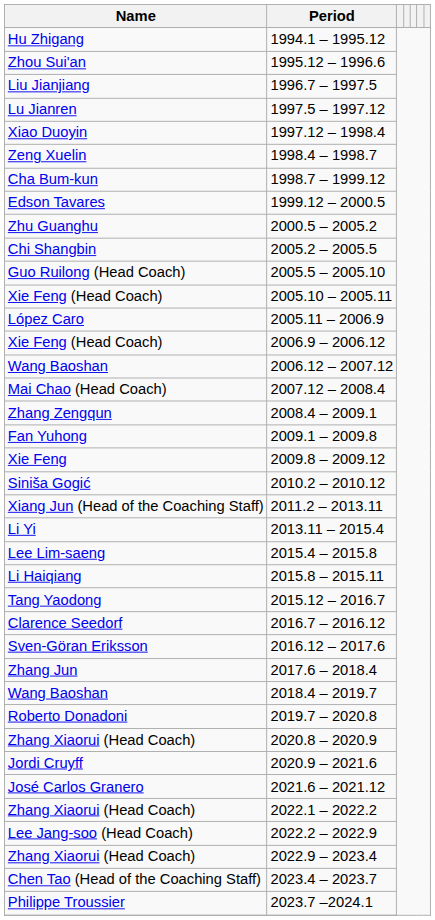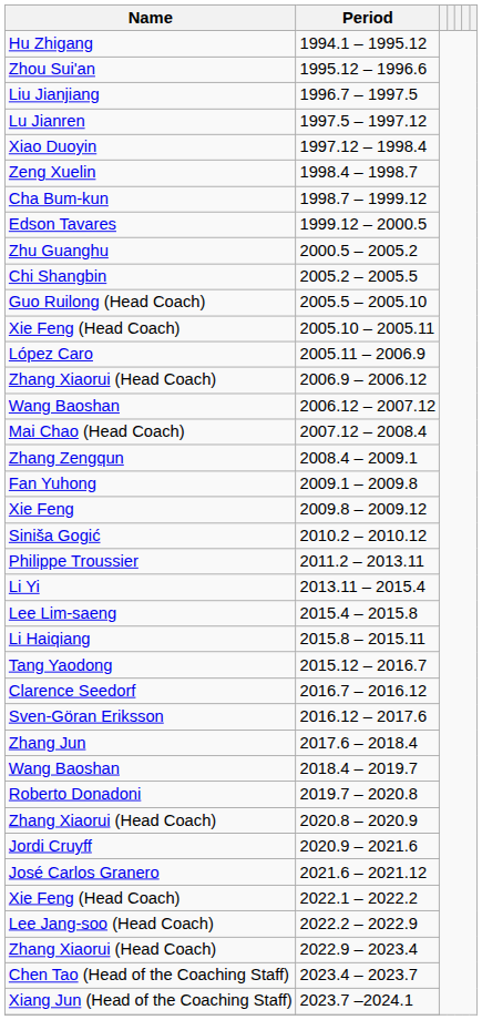 <table class="wikitable">
 <tr>
 <th>Name</th>
 <th>Period</th>
 <th></th>
 <th></th>
 <th></th>
 <th></th>
 <th></th>
 </tr>
 <tr>
 <td style="text-align: left;"> <a href='#'>Hu Zhigang</a></td>
 <td>1994.1 – 1995.12<br></td>
 </tr>
 <tr>
 <td style="text-align: left;"> <a href='#'>Zhou Sui'an</a></td>
 <td>1995.12 – 1996.6<br></td>
 </tr>
 <tr>
 <td style="text-align: left;"> <a href='#'>Liu Jianjiang</a></td>
 <td>1996.7 – 1997.5<br></td>
 </tr>
 <tr>
 <td style="text-align: left;"> <a href='#'>Lu Jianren</a></td>
 <td>1997.5 – 1997.12<br></td>
 </tr>
 <tr>
 <td style="text-align: left;"> <a href='#'>Xiao Duoyin</a></td>
 <td>1997.12 – 1998.4<br></td>
 </tr>
 <tr>
 <td style="text-align: left;"> <a href='#'>Zeng Xuelin</a></td>
 <td>1998.4 – 1998.7<br></td>
 </tr>
 <tr>
 <td style="text-align: left;"> <a href='#'>Cha Bum-kun</a></td>
 <td>1998.7 – 1999.12<br></td>
 </tr>
 <tr>
 <td style="text-align: left;"> <a href='#'>Edson Tavares</a></td>
 <td>1999.12 – 2000.5<br></td>
 </tr>
 <tr>
 <td style="text-align: left;"> <a href='#'>Zhu Guanghu</a></td>
 <td>2000.5 – 2005.2<br></td>
 </tr>
 <tr>
 <td style="text-align: left;"> <a href='#'>Chi Shangbin</a></td>
 <td>2005.2 – 2005.5<br></td>
 </tr>
 <tr>
 <td style="text-align: left;"> <a href='#'>Guo Ruilong</a> (Head Coach)</td>
 <td>2005.5 – 2005.10<br></td>
 </tr>
 <tr>
 <td style="text-align: left;"> <a href='#'>Xie Feng</a> (Head Coach)</td>
 <td>2005.10 – 2005.11<br></td>
 </tr>
 <tr>
 <td style="text-align: left;"> <a href='#'>López Caro</a></td>
 <td>2005.11 – 2006.9<br></td>
 </tr>
 <tr>
-<td style="text-align: left;"> <a href='#'>Xie Feng</a> (Head Coach)</td>
+<td style="text-align: left;"> <a href='#'>Zhang Xiaorui</a> (Head Coach)</td>
 <td>2006.9 – 2006.12<br></td>
 </tr>
 <tr>
 <td style="text-align: left;"> <a href='#'>Wang Baoshan</a></td>
 <td>2006.12 – 2007.12<br></td>
 </tr>
 <tr>
 <td style="text-align: left;"> <a href='#'>Mai Chao</a> (Head Coach)</td>
 <td>2007.12 – 2008.4<br></td>
 </tr>
 <tr>
 <td style="text-align: left;"> <a href='#'>Zhang Zengqun</a></td>
 <td>2008.4 – 2009.1<br></td>
 </tr>
 <tr>
 <td style="text-align: left;"> <a href='#'>Fan Yuhong</a></td>
 <td>2009.1 – 2009.8<br></td>
 </tr>
 <tr>
 <td style="text-align: left;"> <a href='#'>Xie Feng</a></td>
 <td>2009.8 – 2009.12<br></td>
 </tr>
 <tr>
 <td style="text-align: left;"> <a href='#'>Siniša Gogić</a></td>
 <td>2010.2 – 2010.12<br></td>
 </tr>
 <tr>
-<td style="text=align: left;"> <a href='#'>Xiang Jun</a> (Head of the Coaching Staff)</td>
+<td style="text-align: left;"> <a href='#'>Philippe Troussier</a></td>
 <td>2011.2 – 2013.11<br></td>
 </tr>
 <tr>
 <td style="text-align: left;"> <a href='#'>Li Yi</a></td>
 <td>2013.11 – 2015.4<br></td>
 </tr>
 <tr>
 <td style="text-align: left;"> <a href='#'>Lee Lim-saeng</a></td>
 <td>2015.4 – 2015.8<br></td>
 </tr>
 <tr>
 <td style="text-align: left;"> <a href='#'>Li Haiqiang</a></td>
 <td>2015.8 – 2015.11<br></td>
 </tr>
 <tr>
 <td style="text-align: left;"> <a href='#'>Tang Yaodong</a></td>
 <td>2015.12 – 2016.7<br></td>
 </tr>
 <tr>
 <td style="text-align: left;"> <a href='#'>Clarence Seedorf</a></td>
 <td>2016.7 – 2016.12<br></td>
 </tr>
 <tr>
 <td style="text-align: left;"> <a href='#'>Sven-Göran Eriksson</a></td>
 <td>2016.12 – 2017.6<br></td>
 </tr>
 <tr>
 <td style="text-align: left;"> <a href='#'>Zhang Jun</a></td>
 <td>2017.6 – 2018.4<br></td>
 </tr>
 <tr>
 <td style="text-align: left;"> <a href='#'>Wang Baoshan</a></td>
 <td>2018.4 – 2019.7<br></td>
 </tr>
 <tr>
 <td style="text-align: left;"> <a href='#'>Roberto Donadoni</a></td>
 <td>2019.7 – 2020.8<br></td>
 </tr>
 <tr>
 <td style="text-align: left;"> <a href='#'>Zhang Xiaorui</a> (Head Coach)</td>
 <td>2020.8 – 2020.9<br></td>
 </tr>
 <tr>
 <td style="text-align: left;"> <a href='#'>Jordi Cruyff</a></td>
 <td>2020.9 – 2021.6<br></td>
 </tr>
 <tr>
 <td style="text-align: left;"> <a href='#'>José Carlos Granero</a></td>
 <td>2021.6 – 2021.12<br></td>
 </tr>
 <tr>
-<td style="text-align: left;"> <a href='#'>Zhang Xiaorui</a> (Head Coach)</td>
+<td style="text-align: left;"> <a href='#'>Xie Feng</a> (Head Coach)</td>
 <td>2022.1 – 2022.2<br></td>
 </tr>
 <tr>
 <td style="text-align: left;"> <a href='#'>Lee Jang-soo</a> (Head Coach)</td>
 <td>2022.2 – 2022.9<br></td>
 </tr>
 <tr>
 <td style="text-align: left;"> <a href='#'>Zhang Xiaorui</a> (Head Coach)</td>
 <td>2022.9 – 2023.4<br></td>
 </tr>
 <tr>
 <td style="text-align: left;">  <a href='#'>Chen Tao</a> (Head of the Coaching Staff)</td>
 <td>2023.4 – 2023.7<br></td>
 </tr>
 <tr>
-<td style="text-align: left;"> <a href='#'>Philippe Troussier</a></td>
+<td style="text=align: left;"> <a href='#'>Xiang Jun</a> (Head of the Coaching Staff)</td>
 <td>2023.7 –2024.1<br></td>
 </tr>
 <tr>
 </tr>
 </table>
